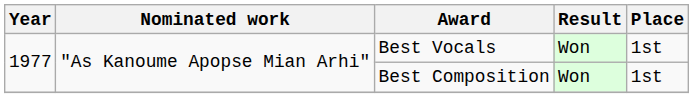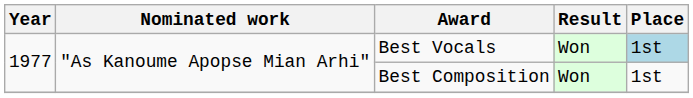 <table class="wikitable">
 <tr>
 <th>Year</th>
 <th>Nominated work</th>
 <th>Award</th>
 <th>Result</th>
 <th>Place</th>
 </tr>
 <tr>
 <td rowspan="2">1977</td>
 <td rowspan="2">"As Kanoume Apopse Mian Arhi"</td>
 <td>Best Vocals</td>
 <td style="background: #ddffdd">Won</td>
-<td>1st</td>
+<td style="background: lightblue;">1st</td>
 </tr>
 <tr>
 <td>Best Composition</td>
 <td style="background: #ddffdd">Won</td>
 <td>1st</td>
 </tr>
 <tr>
 </tr>
 </table>
